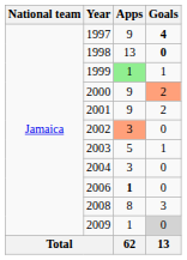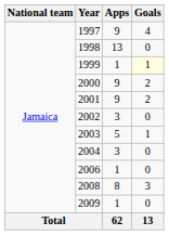 <table class=wikitable style="text-align: center">
 <tr>
 <th>National team</th>
 <th>Year</th>
 <th>Apps</th>
 <th>Goals</th>
 </tr>
 <tr>
 <td rowspan=11><a href='#'>Jamaica</a></td>
 <td>1997</td>
 <td>9</td>
-<td><strong>4</strong></td>
+<td>4</td>
 </tr>
 <tr>
 <td>1998</td>
 <td>13</td>
-<td><strong>0</strong></td>
+<td>0</td>
 </tr>
 <tr>
 <td>1999</td>
-<td style="background: lightgreen;">1</td>
 <td>1</td>
+<td style="background: lightyellow;">1</td>
 </tr>
 <tr>
 <td>2000</td>
 <td>9</td>
-<td style="background: lightsalmon;">2</td>
+<td>2</td>
 </tr>
 <tr>
 <td>2001</td>
 <td>9</td>
 <td>2</td>
 </tr>
 <tr>
 <td>2002</td>
-<td style="background: lightsalmon;">3</td>
+<td>3</td>
 <td>0</td>
 </tr>
 <tr>
 <td>2003</td>
 <td>5</td>
 <td>1</td>
 </tr>
 <tr>
 <td>2004</td>
 <td>3</td>
 <td>0</td>
 </tr>
 <tr>
 <td>2006</td>
-<td><strong>1</strong></td>
+<td>1</td>
 <td>0</td>
 </tr>
 <tr>
 <td>2008</td>
 <td>8</td>
 <td>3</td>
 </tr>
 <tr>
 <td>2009</td>
 <td>1</td>
-<td style="background: lightgrey;">0</td>
+<td>0</td>
 </tr>
 <tr>
 <th colspan=2>Total</th>
 <th>62</th>
 <th>13</th>
 </tr>
 </table>
